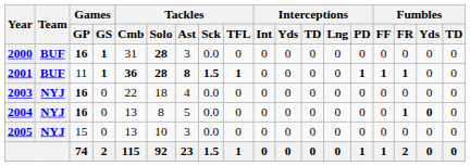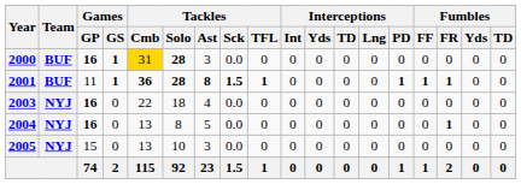 <table class="wikitable" style="text-align:center">
 <tr>
 <th rowspan="2">Year</th>
 <th rowspan="2">Team</th>
 <th colspan="2">Games</th>
 <th colspan="5">Tackles</th>
 <th colspan="5">Interceptions</th>
 <th colspan="4">Fumbles</th>
 </tr>
 <tr>
 <th>GP</th>
 <th>GS</th>
 <th>Cmb</th>
 <th>Solo</th>
 <th>Ast</th>
 <th>Sck</th>
 <th>TFL</th>
 <th>Int</th>
 <th>Yds</th>
 <th>TD</th>
 <th>Lng</th>
 <th>PD</th>
 <th>FF</th>
 <th>FR</th>
 <th>Yds</th>
 <th>TD</th>
 </tr>
 <tr>
 <th><a href='#'>2000</a></th>
 <th><a href='#'>BUF</a></th>
 <td><strong>16</strong></td>
 <td><strong>1</strong></td>
-<td>31</td>
+<td style="background: gold;">31</td>
 <td><strong>28</strong></td>
 <td>3</td>
 <td>0.0</td>
 <td>0</td>
 <td>0</td>
 <td>0</td>
 <td>0</td>
 <td>0</td>
 <td>0</td>
 <td>0</td>
 <td>0</td>
 <td>0</td>
 <td>0</td>
 </tr>
 <tr>
 <th><a href='#'>2001</a></th>
 <th><a href='#'>BUF</a></th>
 <td>11</td>
 <td><strong>1</strong></td>
 <td><strong>36</strong></td>
 <td><strong>28</strong></td>
 <td><strong>8</strong></td>
 <td><strong>1.5</strong></td>
 <td><strong>1</strong></td>
 <td>0</td>
 <td>0</td>
 <td>0</td>
 <td>0</td>
 <td><strong>1</strong></td>
 <td><strong>1</strong></td>
 <td><strong>1</strong></td>
 <td>0</td>
 <td>0</td>
 </tr>
 <tr>
 <th><a href='#'>2003</a></th>
 <th><a href='#'>NYJ</a></th>
 <td><strong>16</strong></td>
 <td>0</td>
 <td>22</td>
 <td>18</td>
 <td>4</td>
 <td>0.0</td>
 <td>0</td>
 <td>0</td>
 <td>0</td>
 <td>0</td>
 <td>0</td>
 <td>0</td>
 <td>0</td>
 <td>0</td>
 <td>0</td>
 <td>0</td>
 </tr>
 <tr>
 <th><a href='#'>2004</a></th>
 <th><a href='#'>NYJ</a></th>
 <td><strong>16</strong></td>
 <td>0</td>
 <td>13</td>
 <td>8</td>
 <td>5</td>
 <td>0.0</td>
 <td>0</td>
 <td>0</td>
 <td>0</td>
 <td>0</td>
 <td>0</td>
 <td>0</td>
 <td>0</td>
 <td><strong>1</strong></td>
-<td><strong>0</strong></td>
+<td>0</td>
 <td>0</td>
 </tr>
 <tr>
 <th><a href='#'>2005</a></th>
 <th><a href='#'>NYJ</a></th>
 <td>15</td>
 <td>0</td>
 <td>13</td>
 <td>10</td>
 <td>3</td>
 <td>0.0</td>
 <td>0</td>
 <td>0</td>
 <td>0</td>
 <td>0</td>
 <td>0</td>
 <td>0</td>
 <td>0</td>
 <td>0</td>
 <td>0</td>
 <td>0</td>
 </tr>
 <tr>
 <th colspan="2"></th>
 <th>74</th>
 <th>2</th>
 <th>115</th>
 <th>92</th>
 <th>23</th>
 <th>1.5</th>
 <th>1</th>
 <th>0</th>
 <th>0</th>
 <th>0</th>
 <th>0</th>
 <th>1</th>
 <th>1</th>
 <th>2</th>
 <th>0</th>
 <th>0</th>
 </tr>
 </table>
